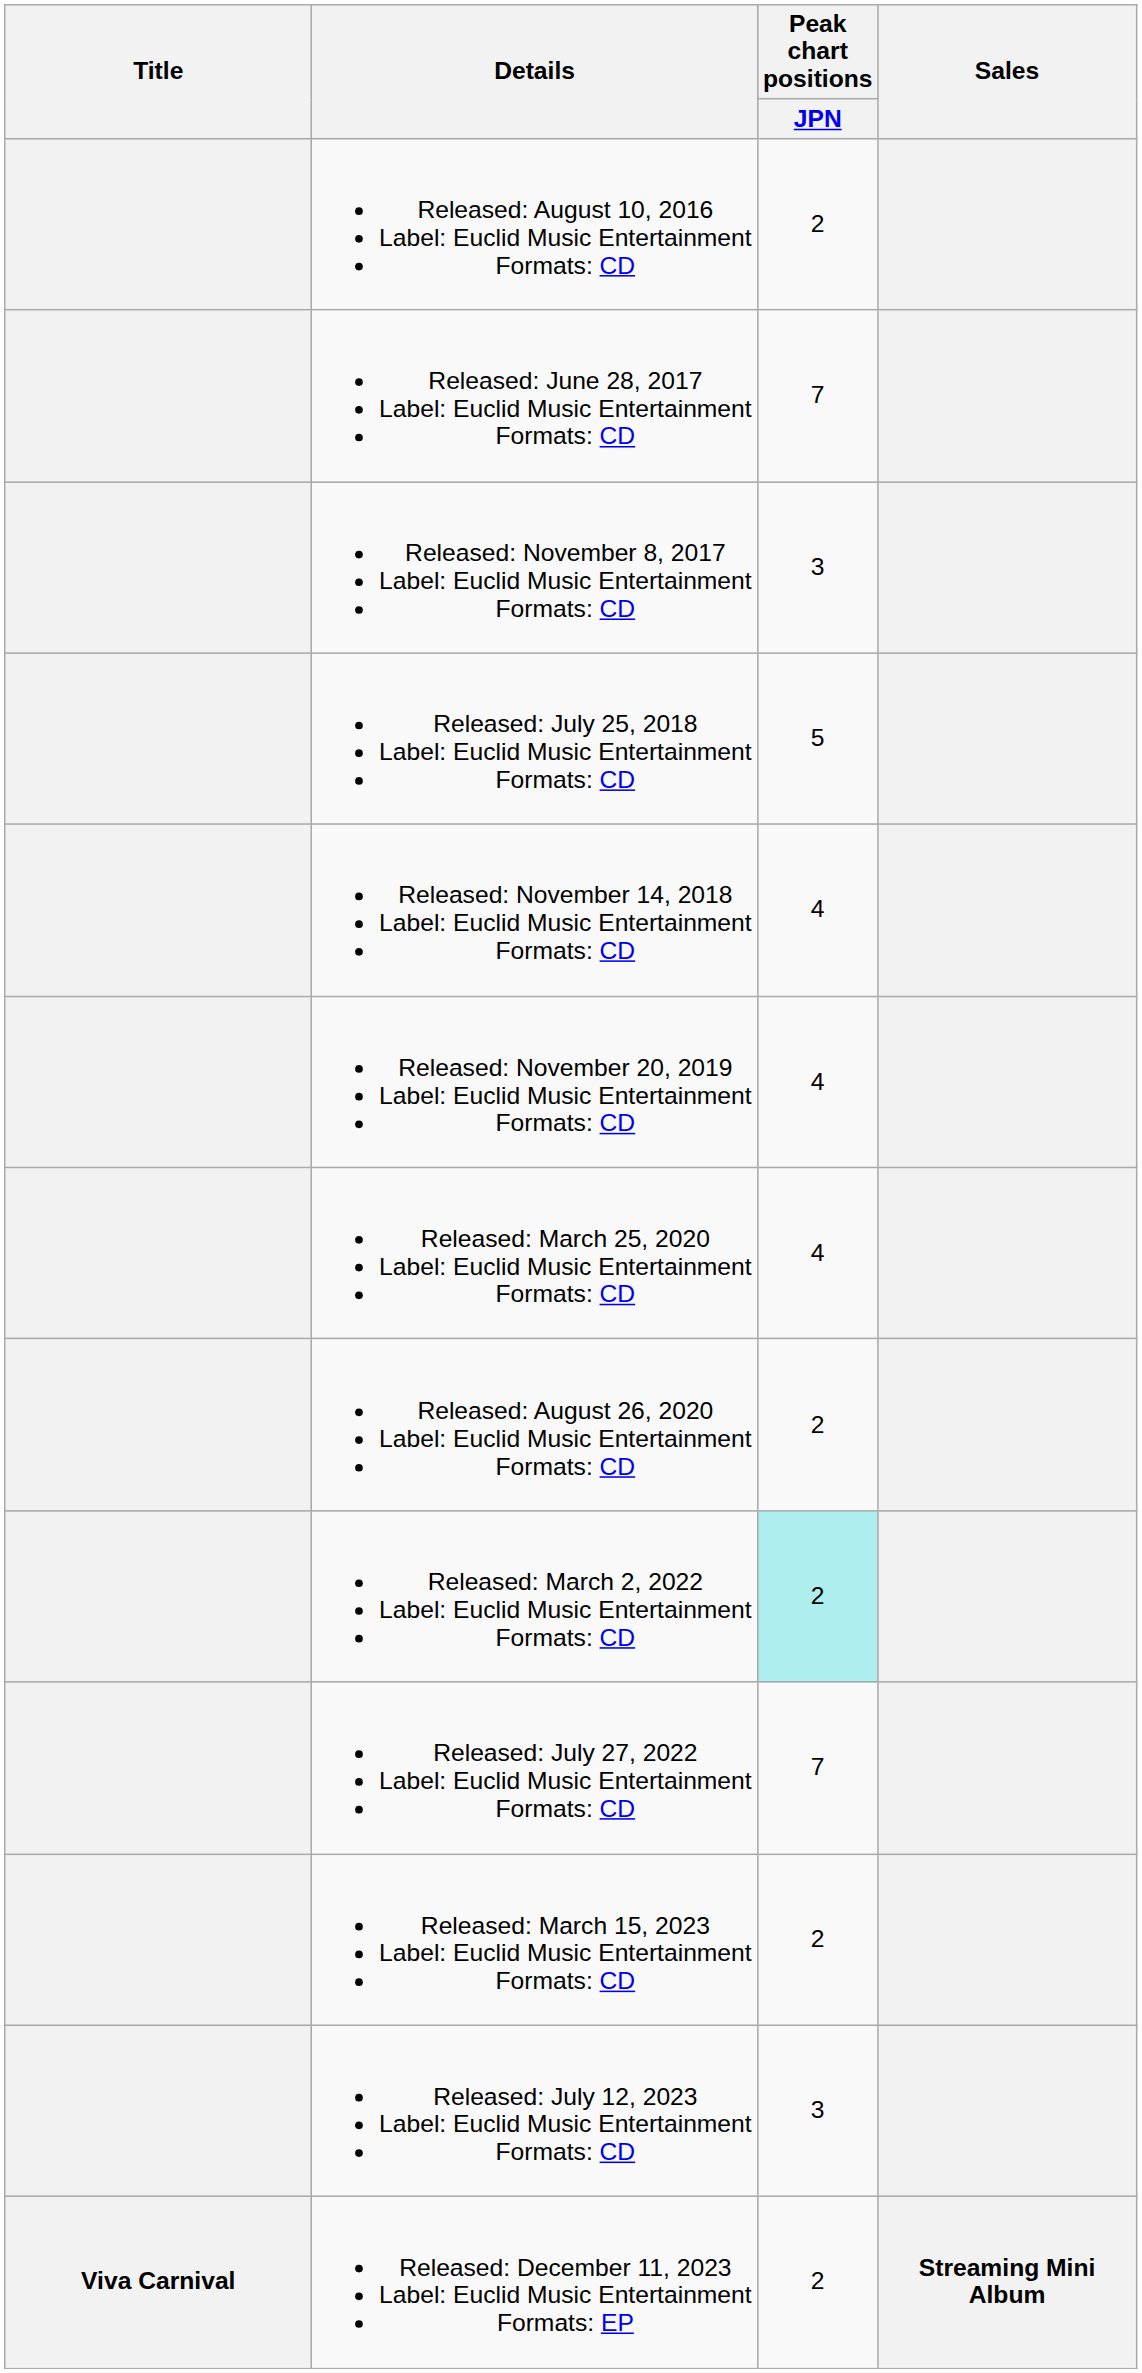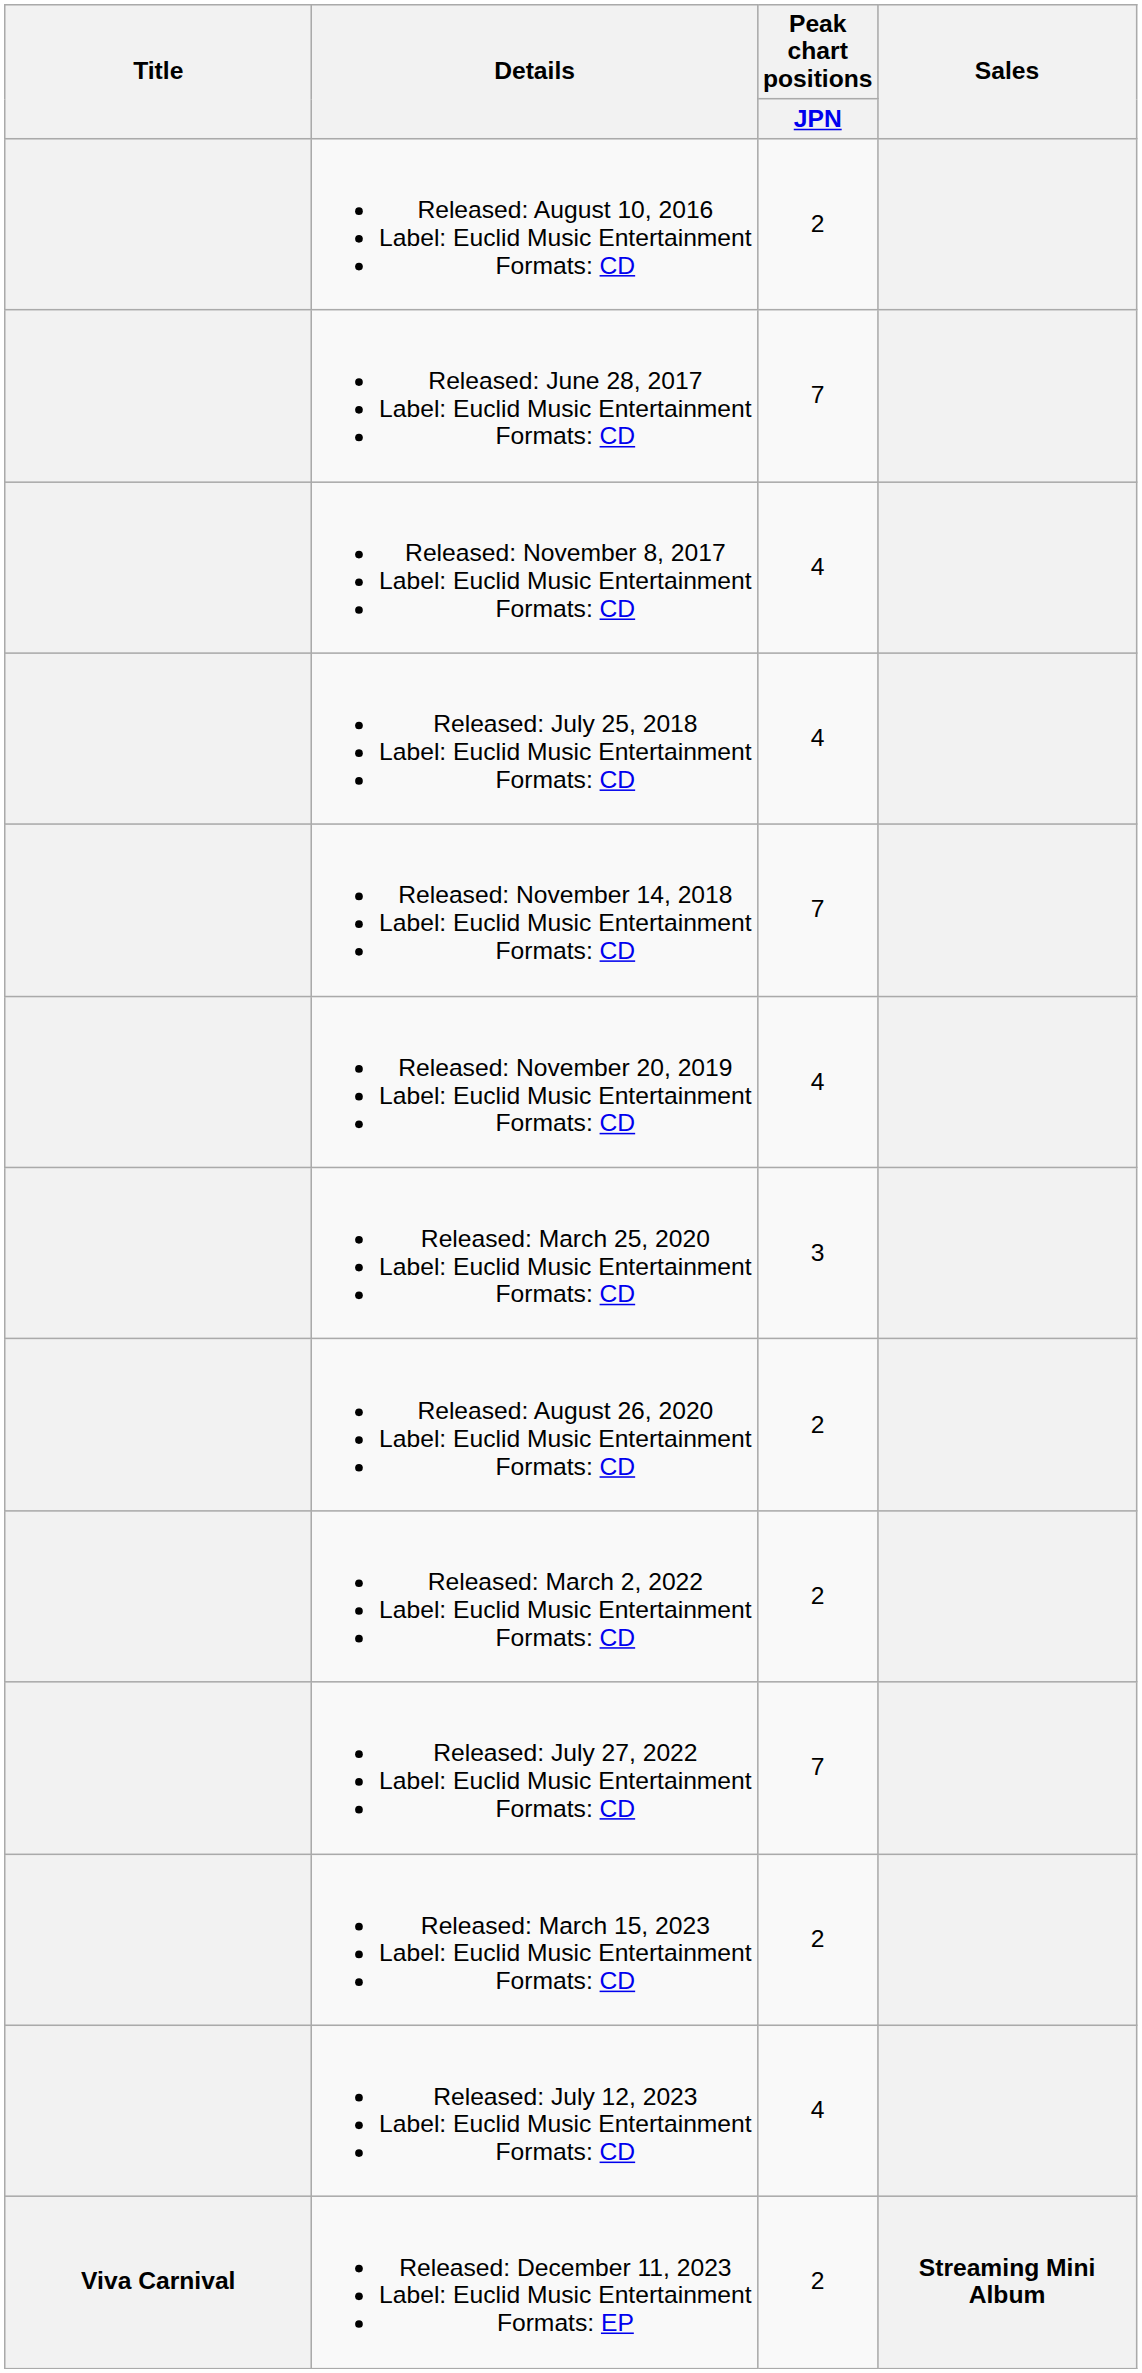 <table class="wikitable plainrowheaders" style="text-align:center;">
 <tr>
 <th rowspan="2" style="width:12em;">Title</th>
 <th rowspan="2">Details</th>
 <th colspan="1">Peak chart positions</th>
 <th rowspan="2" style="width:10em;">Sales</th>
 </tr>
 <tr>
 <th width="30"><a href='#'>JPN</a></th>
 </tr>
 <tr>
 <th scope="row"><br></th>
 <td><br><ul><li>Released: August 10, 2016</li><li>Label: Euclid Music Entertainment</li><li>Formats: <a href='#'>CD</a></li></ul></td>
 <td>2</td>
 <th scope="row"></th>
 </tr>
 <tr>
 <th scope="row"><br></th>
 <td><br><ul><li>Released: June 28, 2017</li><li>Label: Euclid Music Entertainment</li><li>Formats: <a href='#'>CD</a></li></ul></td>
 <td>7</td>
 <th scope="row"></th>
 </tr>
 <tr>
 <th scope="row"><br></th>
 <td><br><ul><li>Released: November 8, 2017</li><li>Label: Euclid Music Entertainment</li><li>Formats: <a href='#'>CD</a></li></ul></td>
-<td>3</td>
+<td>4</td>
 <th scope="row"></th>
 </tr>
 <tr>
 <th scope="row"><br></th>
 <td><br><ul><li>Released: July 25, 2018</li><li>Label: Euclid Music Entertainment</li><li>Formats: <a href='#'>CD</a></li></ul></td>
-<td>5</td>
+<td>4</td>
 <th scope="row"></th>
 </tr>
 <tr>
 <th><strong><br></strong></th>
 <td><br><ul><li>Released: November 14, 2018</li><li>Label: Euclid Music Entertainment</li><li>Formats: <a href='#'>CD</a></li></ul></td>
-<td>4</td>
+<td>7</td>
 <th></th>
 </tr>
 <tr>
 <th><br></th>
 <td><br><ul><li>Released: November 20, 2019</li><li>Label: Euclid Music Entertainment</li><li>Formats: <a href='#'>CD</a></li></ul></td>
 <td>4</td>
 <th></th>
 </tr>
 <tr>
 <th></th>
 <td><br><ul><li>Released: March 25, 2020</li><li>Label: Euclid Music Entertainment</li><li>Formats: <a href='#'>CD</a></li></ul></td>
-<td>4</td>
+<td>3</td>
 <th></th>
 </tr>
 <tr>
 <th></th>
 <td><br><ul><li>Released: August 26, 2020</li><li>Label: Euclid Music Entertainment</li><li>Formats: <a href='#'>CD</a></li></ul></td>
 <td>2</td>
 <th></th>
 </tr>
 <tr>
 <th></th>
 <td><br><ul><li>Released: March 2, 2022</li><li>Label: Euclid Music Entertainment</li><li>Formats: <a href='#'>CD</a></li></ul></td>
-<td style="background: paleturquoise;">2</td>
+<td>2</td>
 <th></th>
 </tr>
 <tr>
 <th></th>
 <td><br><ul><li>Released: July 27, 2022</li><li>Label: Euclid Music Entertainment</li><li>Formats: <a href='#'>CD</a></li></ul></td>
 <td>7</td>
 <th></th>
 </tr>
 <tr>
 <th></th>
 <td><br><ul><li>Released: March 15, 2023</li><li>Label: Euclid Music Entertainment</li><li>Formats: <a href='#'>CD</a></li></ul></td>
 <td>2</td>
 <th></th>
 </tr>
 <tr>
 <th></th>
 <td><br><ul><li>Released: July 12, 2023</li><li>Label: Euclid Music Entertainment</li><li>Formats: <a href='#'>CD</a></li></ul></td>
-<td>3</td>
+<td>4</td>
 <th></th>
 </tr>
 <tr>
 <th><strong>Viva Carnival<br></strong></th>
 <td><br><ul><li>Released: December 11, 2023</li><li>Label: Euclid Music Entertainment</li><li>Formats: <a href='#'>EP</a></li></ul></td>
 <td>2</td>
 <th>Streaming Mini Album</th>
 </tr>
 </table>
